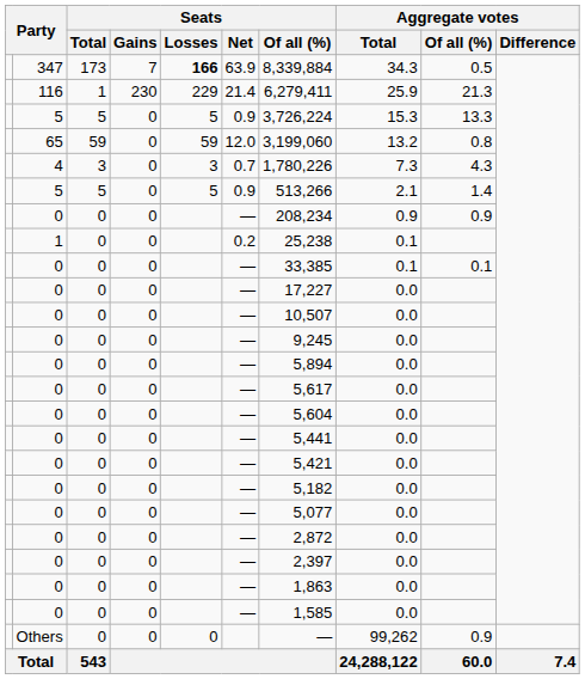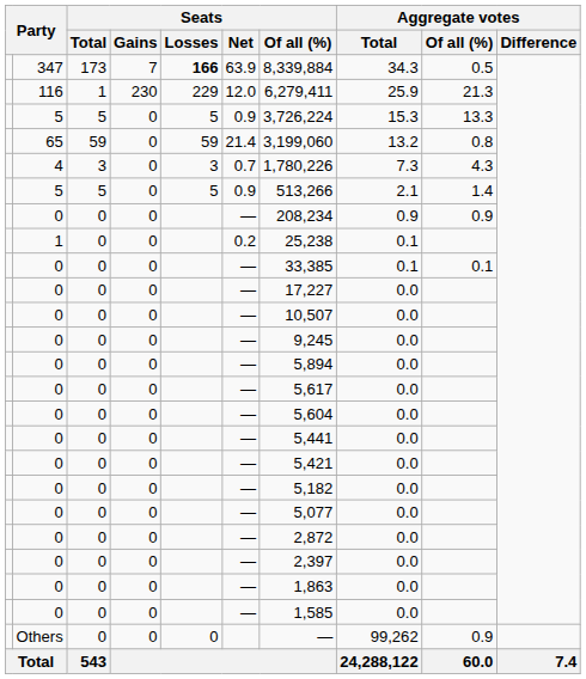 <table class="wikitable sortable" style="text-align:right; font-size:95%;">
 <tr>
 <th colspan="2" rowspan="2">Party</th>
 <th colspan="5">Seats</th>
 <th colspan="3">Aggregate votes</th>
 </tr>
 <tr>
 <th>Total</th>
 <th>Gains</th>
 <th>Losses</th>
 <th>Net</th>
 <th>Of all (%)</th>
 <th>Total</th>
 <th>Of all (%)</th>
 <th>Differ­ence</th>
 </tr>
 <tr>
 <td></td>
 <td>347</td>
 <td>173</td>
 <td>7</td>
 <td><strong>166</strong></td>
 <td>63.9</td>
 <td>8,339,884</td>
 <td>34.3</td>
 <td>0.5</td>
 </tr>
 <tr>
 <td></td>
 <td>116</td>
 <td>1</td>
 <td>230</td>
 <td>229</td>
-<td>21.4</td>
+<td>12.0</td>
 <td>6,279,411</td>
 <td>25.9</td>
 <td>21.3</td>
 </tr>
 <tr>
 <td></td>
 <td>5</td>
 <td>5</td>
 <td>0</td>
 <td>5</td>
 <td>0.9</td>
 <td>3,726,224</td>
 <td>15.3</td>
 <td>13.3</td>
 </tr>
 <tr>
 <td></td>
 <td>65</td>
 <td>59</td>
 <td>0</td>
 <td>59</td>
-<td>12.0</td>
+<td>21.4</td>
 <td>3,199,060</td>
 <td>13.2</td>
 <td>0.8</td>
 </tr>
 <tr>
 <td></td>
 <td>4</td>
 <td>3</td>
 <td>0</td>
 <td>3</td>
 <td>0.7</td>
 <td>1,780,226</td>
 <td>7.3</td>
 <td>4.3</td>
 </tr>
 <tr>
 <td></td>
 <td>5</td>
 <td>5</td>
 <td>0</td>
 <td>5</td>
 <td>0.9</td>
 <td>513,266</td>
 <td>2.1</td>
 <td>1.4</td>
 </tr>
 <tr>
 <td></td>
 <td>0</td>
 <td>0</td>
 <td>0</td>
 <td></td>
 <td>—</td>
 <td>208,234</td>
 <td>0.9</td>
 <td>0.9</td>
 </tr>
 <tr>
 <td></td>
 <td>1</td>
 <td>0</td>
 <td>0</td>
 <td></td>
 <td>0.2</td>
 <td>25,238</td>
 <td>0.1</td>
 <td></td>
 </tr>
 <tr>
 <td></td>
 <td>0</td>
 <td>0</td>
 <td>0</td>
 <td></td>
 <td>—</td>
 <td>33,385</td>
 <td>0.1</td>
 <td>0.1</td>
 </tr>
 <tr>
 <td></td>
 <td>0</td>
 <td>0</td>
 <td>0</td>
 <td></td>
 <td>—</td>
 <td>17,227</td>
 <td>0.0</td>
 <td></td>
 </tr>
 <tr>
 <td></td>
 <td>0</td>
 <td>0</td>
 <td>0</td>
 <td></td>
 <td>—</td>
 <td>10,507</td>
 <td>0.0</td>
 <td></td>
 </tr>
 <tr>
 <td></td>
 <td>0</td>
 <td>0</td>
 <td>0</td>
 <td></td>
 <td>—</td>
 <td>9,245</td>
 <td>0.0</td>
 <td></td>
 </tr>
 <tr>
 <td></td>
 <td>0</td>
 <td>0</td>
 <td>0</td>
 <td></td>
 <td>—</td>
 <td>5,894</td>
 <td>0.0</td>
 <td></td>
 </tr>
 <tr>
 <td></td>
 <td>0</td>
 <td>0</td>
 <td>0</td>
 <td></td>
 <td>—</td>
 <td>5,617</td>
 <td>0.0</td>
 <td></td>
 </tr>
 <tr>
 <td></td>
 <td>0</td>
 <td>0</td>
 <td>0</td>
 <td></td>
 <td>—</td>
 <td>5,604</td>
 <td>0.0</td>
 <td></td>
 </tr>
 <tr>
 <td></td>
 <td>0</td>
 <td>0</td>
 <td>0</td>
 <td></td>
 <td>—</td>
 <td>5,441</td>
 <td>0.0</td>
 <td></td>
 </tr>
 <tr>
 <td></td>
 <td>0</td>
 <td>0</td>
 <td>0</td>
 <td></td>
 <td>—</td>
 <td>5,421</td>
 <td>0.0</td>
 <td></td>
 </tr>
 <tr>
 <td></td>
 <td>0</td>
 <td>0</td>
 <td>0</td>
 <td></td>
 <td>—</td>
 <td>5,182</td>
 <td>0.0</td>
 <td></td>
 </tr>
 <tr>
 <td></td>
 <td>0</td>
 <td>0</td>
 <td>0</td>
 <td></td>
 <td>—</td>
 <td>5,077</td>
 <td>0.0</td>
 <td></td>
 </tr>
 <tr>
 <td></td>
 <td>0</td>
 <td>0</td>
 <td>0</td>
 <td></td>
 <td>—</td>
 <td>2,872</td>
 <td>0.0</td>
 <td></td>
 </tr>
 <tr>
 <td></td>
 <td>0</td>
 <td>0</td>
 <td>0</td>
 <td></td>
 <td>—</td>
 <td>2,397</td>
 <td>0.0</td>
 <td></td>
 </tr>
 <tr>
 <td></td>
 <td>0</td>
 <td>0</td>
 <td>0</td>
 <td></td>
 <td>—</td>
 <td>1,863</td>
 <td>0.0</td>
 <td></td>
 </tr>
 <tr>
 <td></td>
 <td>0</td>
 <td>0</td>
 <td>0</td>
 <td></td>
 <td>—</td>
 <td>1,585</td>
 <td>0.0</td>
 <td></td>
 </tr>
 <tr>
 <td></td>
 <td align=left>Others</td>
 <td>0</td>
 <td>0</td>
 <td>0</td>
 <td></td>
 <td>—</td>
 <td>99,262</td>
 <td>0.9</td>
 <td></td>
 </tr>
 <tr style="background-color:#f2f2f2; text-align:right; font-weight:bold;">
 <th colspan="2" scope="row" style="background-color:#f2f2f2;">Total</th>
 <td>543</td>
 <td colspan="4"></td>
 <td>24,288,122</td>
 <td>60.0</td>
 <td>7.4</td>
 </tr>
 </table>
